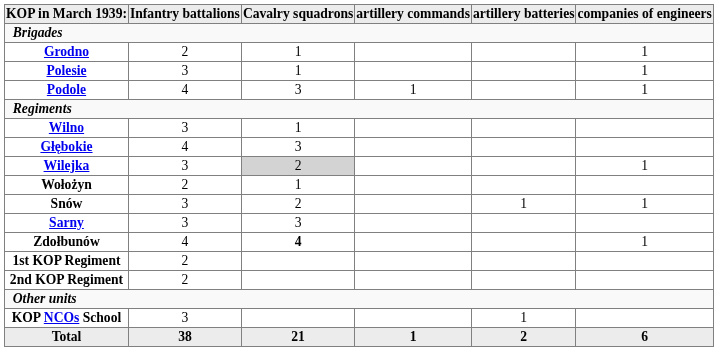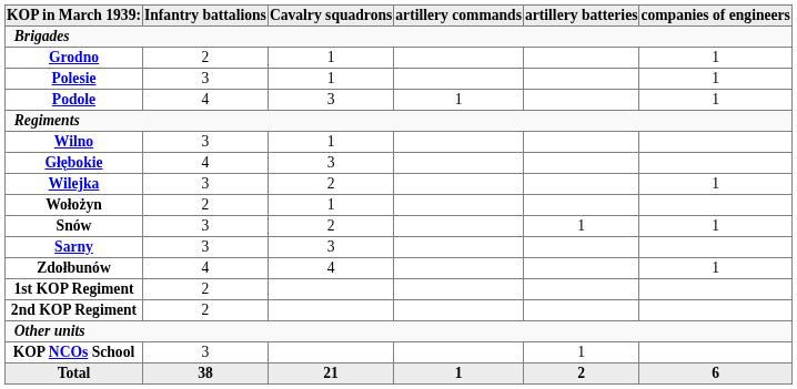 <table border="1" cellpadding="1" cellspacing="0" style="font-size: 85%; border: gray solid 1px; border-collapse: collapse; text-align: center;">
 <tr style="background: #ececec;">
 <th>KOP in March 1939:</th>
 <th>Infantry battalions</th>
 <th>Cavalry squadrons</th>
 <th>artillery commands</th>
 <th>artillery batteries</th>
 <th>companies of engineers</th>
 </tr>
 <tr>
 <th colspan="14" style="background: #f9f9f9; text-align: left;">  <em>Brigades</em></th>
 </tr>
 <tr>
 <th><a href='#'>Grodno</a></th>
 <td>2</td>
 <td>1</td>
 <td></td>
 <td></td>
 <td>1</td>
 </tr>
 <tr>
 <th><a href='#'>Polesie</a></th>
 <td>3</td>
 <td>1</td>
 <td></td>
 <td></td>
 <td>1</td>
 </tr>
 <tr>
 <th><a href='#'>Podole</a></th>
 <td>4</td>
 <td>3</td>
 <td>1</td>
 <td></td>
 <td>1</td>
 </tr>
 <tr>
 <th colspan="14" style="background: #f9f9f9; text-align: left;">  <em>Regiments</em></th>
 </tr>
 <tr>
 <th><a href='#'>Wilno</a></th>
 <td>3</td>
 <td>1</td>
 <td></td>
 <td></td>
 <td></td>
 </tr>
 <tr>
 <th><a href='#'>Głębokie</a></th>
 <td>4</td>
 <td>3</td>
 <td></td>
 <td></td>
 <td></td>
 </tr>
 <tr>
 <th><a href='#'>Wilejka</a></th>
 <td>3</td>
-<td style="background: lightgrey;">2</td>
+<td>2</td>
 <td></td>
 <td></td>
 <td>1</td>
 </tr>
 <tr>
 <th>Wołożyn</th>
 <td>2</td>
 <td>1</td>
 <td></td>
 <td></td>
 <td></td>
 </tr>
 <tr>
 <th>Snów</th>
 <td>3</td>
 <td>2</td>
 <td></td>
 <td>1</td>
 <td>1</td>
 </tr>
 <tr>
 <th><a href='#'>Sarny</a></th>
 <td>3</td>
 <td>3</td>
 <td></td>
 <td></td>
 <td></td>
 </tr>
 <tr>
 <th>Zdołbunów</th>
 <td>4</td>
-<td><strong>4</strong></td>
+<td>4</td>
 <td></td>
 <td></td>
 <td>1</td>
 </tr>
 <tr>
 <th>1st KOP Regiment</th>
 <td>2</td>
 <td></td>
 <td></td>
 <td></td>
 <td></td>
 </tr>
 <tr>
 <th>2nd KOP Regiment</th>
 <td>2</td>
 <td></td>
 <td></td>
 <td></td>
 <td></td>
 </tr>
 <tr>
 <th colspan="14" style="background: #f9f9f9; text-align: left;">  <em>Other units</em></th>
 </tr>
 <tr>
 <th>KOP <a href='#'>NCOs</a> School</th>
 <td>3</td>
 <td></td>
 <td></td>
 <td>1</td>
 <td></td>
 </tr>
 <tr style="background: #ececec;">
 <th>Total</th>
 <th>38</th>
 <th>21</th>
 <th>1</th>
 <th>2</th>
 <th>6</th>
 </tr>
 <tr>
 </tr>
 </table>
